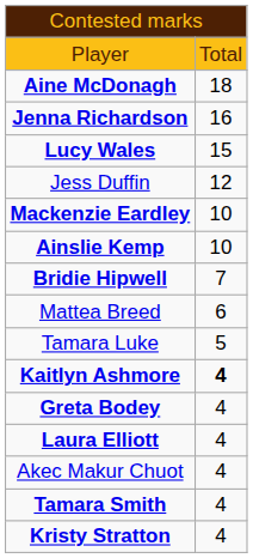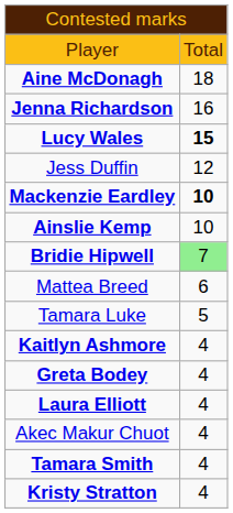 <table class="wikitable" style="text-align:center;">
 <tr>
 <td colspan="2" style="text-align:center; background: #4D2004; color: #FBBF15">Contested marks</td>
 </tr>
 <tr>
 <td style="text-align:center; background: #FBBF15; color: #4D2004">Player</td>
 <td style="text-align:center; background: #FBBF15; color: #4D2004">Total</td>
 </tr>
 <tr>
 <td><strong><a href='#'>Aine McDonagh</a></strong></td>
 <td>18</td>
 </tr>
 <tr>
 <td><strong><a href='#'>Jenna Richardson</a></strong></td>
 <td>16</td>
 </tr>
 <tr>
 <td><strong><a href='#'>Lucy Wales</a></strong></td>
-<td>15</td>
+<td><strong>15</strong></td>
 </tr>
 <tr>
 <td><a href='#'>Jess Duffin</a></td>
 <td>12</td>
 </tr>
 <tr>
 <td><strong><a href='#'>Mackenzie Eardley</a></strong></td>
-<td>10</td>
+<td><strong>10</strong></td>
 </tr>
 <tr>
 <td><strong><a href='#'>Ainslie Kemp</a></strong></td>
 <td>10</td>
 </tr>
 <tr>
 <td><strong><a href='#'>Bridie Hipwell</a></strong></td>
-<td>7</td>
+<td style="background: lightgreen;">7</td>
 </tr>
 <tr>
 <td><a href='#'>Mattea Breed</a></td>
 <td>6</td>
 </tr>
 <tr>
 <td><a href='#'>Tamara Luke</a></td>
 <td>5</td>
 </tr>
 <tr>
 <td><strong><a href='#'>Kaitlyn Ashmore</a></strong></td>
-<td><strong>4</strong></td>
+<td>4</td>
 </tr>
 <tr>
 <td><strong><a href='#'>Greta Bodey</a></strong></td>
 <td>4</td>
 </tr>
 <tr>
 <td><strong><a href='#'>Laura Elliott</a></strong></td>
 <td>4</td>
 </tr>
 <tr>
 <td><a href='#'>Akec Makur Chuot</a></td>
 <td>4</td>
 </tr>
 <tr>
 <td><strong><a href='#'>Tamara Smith</a></strong></td>
 <td>4</td>
 </tr>
 <tr>
 <td><strong><a href='#'>Kristy Stratton</a></strong></td>
 <td>4</td>
 </tr>
 </table>
